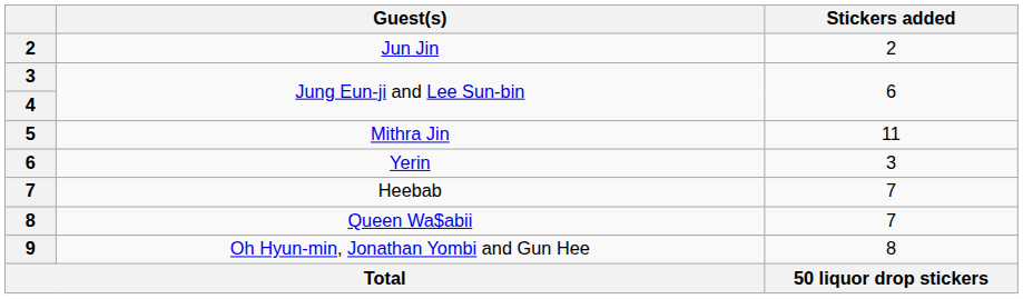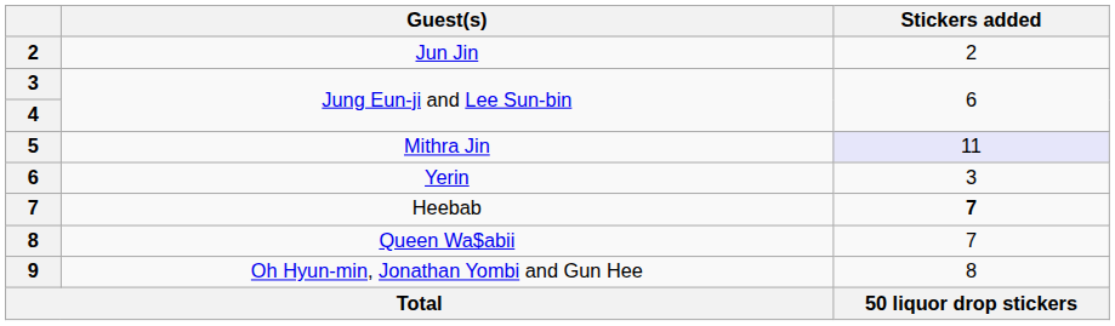 <table Class ="wikitable sortable" style="text-align:center; clear:both; text-align:center; width:45%">
 <tr>
 <th scope="col" style="width: 5%;"></th>
 <th scope="col" style="width: 70%;">Guest(s)</th>
 <th scope="col" style="width: 25%;">Stickers added</th>
 </tr>
 <tr>
 <th scope="row">2</th>
 <td><a href='#'>Jun Jin</a></td>
 <td>2</td>
 </tr>
 <tr>
 <th scope="row">3</th>
 <td rowspan="2"><a href='#'>Jung Eun-ji</a> and <a href='#'>Lee Sun-bin</a></td>
 <td rowspan="2">6</td>
 </tr>
 <tr>
 <th scope="row">4</th>
 </tr>
 <tr>
 <th scope="row">5</th>
 <td><a href='#'>Mithra Jin</a></td>
-<td>11</td>
+<td style="background: lavender;">11</td>
 </tr>
 <tr>
 <th scope="row">6</th>
 <td><a href='#'>Yerin</a></td>
 <td>3</td>
 </tr>
 <tr>
 <th scope="row">7</th>
 <td>Heebab</td>
-<td>7</td>
+<td><strong>7</strong></td>
 </tr>
 <tr>
 <th scope="row">8</th>
 <td><a href='#'>Queen Wa$abii</a></td>
 <td>7</td>
 </tr>
 <tr>
 <th scope="row">9</th>
 <td><a href='#'>Oh Hyun-min</a>, <a href='#'>Jonathan Yombi</a> and Gun Hee</td>
 <td>8</td>
 </tr>
 <tr>
 <th colspan="2">Total</th>
 <th>50 liquor drop stickers</th>
 </tr>
 </table>
